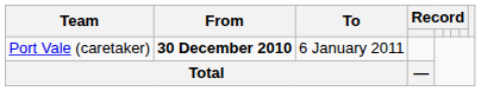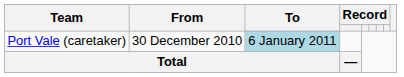 <table class="wikitable" style="text-align: center">
 <tr>
 <th rowspan=2>Team</th>
 <th rowspan=2>From</th>
 <th rowspan=2>To</th>
 <th colspan=5>Record</th>
 <th rowspan=2></th>
 </tr>
 <tr>
 <th></th>
 <th></th>
 <th></th>
 <th></th>
 <th></th>
 </tr>
 <tr>
 <td align=left><a href='#'>Port Vale</a> (caretaker)</td>
-<td align=left><strong>30 December 2010</strong></td>
-<td align=left>6 January 2011<br></td>
+<td align=left>30 December 2010</td>
+<td align=left style="background: lightblue;">6 January 2011<br></td>
 <td></td>
 </tr>
 <tr>
 <th colspan="3">Total<br></th>
 <th>—</th>
 </tr>
 </table>
